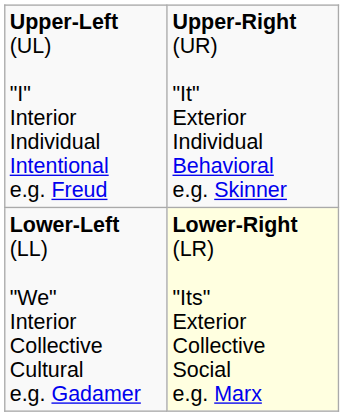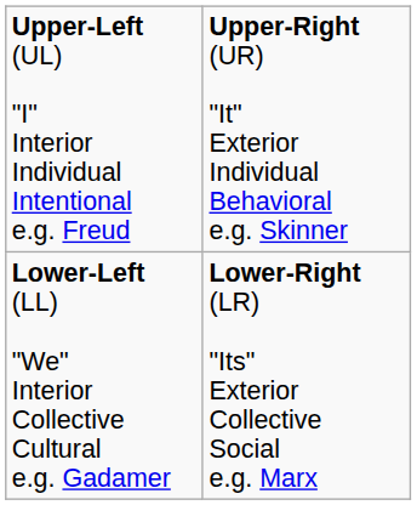 <table class="wikitable center"  style="float:right; width:250px;">
 <tr>
 <td><strong>Upper-Left</strong> (UL)<br><br>"I"<br> Interior Individual<br> <a href='#'>Intentional</a><br>e.g. <a href='#'>Freud</a></td>
 <td><strong>Upper-Right</strong> (UR)<br><br>"It"<br> Exterior Individual<br> <a href='#'>Behavioral</a><br>e.g. <a href='#'>Skinner</a></td>
 </tr>
 <tr>
 <td><strong>Lower-Left</strong> (LL)<br><br>"We"<br> Interior Collective<br> Cultural<br>e.g. <a href='#'>Gadamer</a></td>
-<td style="background: lightyellow;"><strong>Lower-Right</strong> (LR)<br><br>"Its"<br> Exterior Collective<br> Social<br>e.g. <a href='#'>Marx</a></td>
+<td><strong>Lower-Right</strong> (LR)<br><br>"Its"<br> Exterior Collective<br> Social<br>e.g. <a href='#'>Marx</a></td>
 </tr>
 </table>
